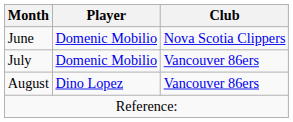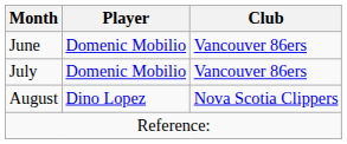 <table class="wikitable">
 <tr>
 <th>Month</th>
 <th>Player</th>
 <th>Club</th>
 </tr>
 <tr>
 <td>June</td>
 <td> <a href='#'>Domenic Mobilio</a></td>
-<td><a href='#'>Nova Scotia Clippers</a></td>
+<td><a href='#'>Vancouver 86ers</a></td>
 </tr>
 <tr>
 <td>July</td>
 <td> <a href='#'>Domenic Mobilio</a></td>
 <td><a href='#'>Vancouver 86ers</a></td>
 </tr>
 <tr>
 <td>August</td>
 <td> <a href='#'>Dino Lopez</a></td>
-<td><a href='#'>Vancouver 86ers</a></td>
+<td><a href='#'>Nova Scotia Clippers</a></td>
 </tr>
 <tr>
 <td colspan=3 align="center">Reference:</td>
 </tr>
 </table>
